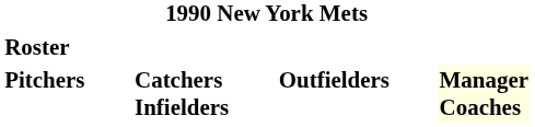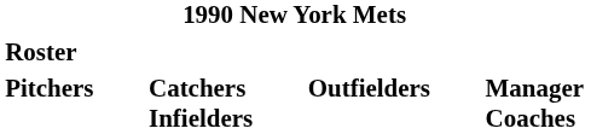 <table class="toccolours" style="font-size: 95%;">
 <tr>
 <th colspan="10">1990 New York Mets</th>
 </tr>
 <tr>
 <td colspan="10"><strong>Roster</strong></td>
 </tr>
 <tr>
 <td valign="top"><strong>Pitchers</strong><br>              </td>
 <td width="25px"></td>
 <td valign="top"><strong>Catchers</strong><br>       <strong>Infielders</strong>           </td>
 <td width="25px"></td>
 <td valign="top"><strong>Outfielders</strong><br>          </td>
 <td width="25px"></td>
-<td valign="top" style="background: lightyellow;"><strong>Manager</strong><br>  <strong>Coaches</strong>      </td>
+<td valign="top"><strong>Manager</strong><br>  <strong>Coaches</strong>      </td>
 </tr>
 </table>
